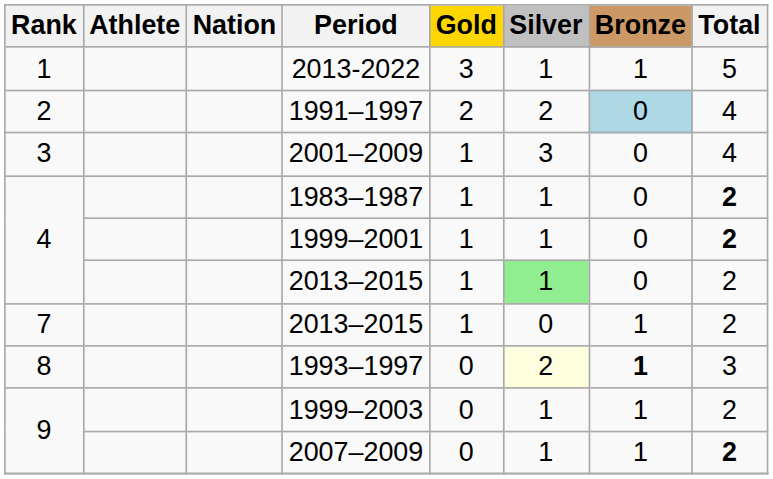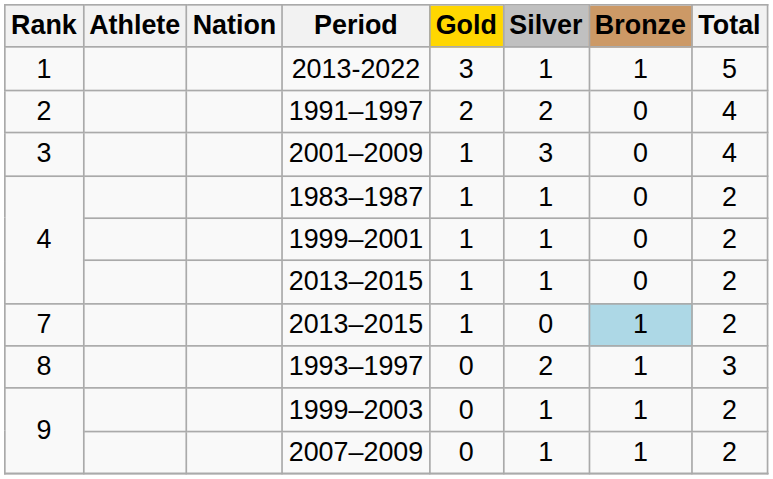 <table class="wikitable sortable" style="text-align:center">
 <tr>
 <th class="unsortable">Rank</th>
 <th>Athlete</th>
 <th>Nation</th>
 <th>Period</th>
 <th style="background-color:gold">Gold</th>
 <th style="background-color:silver">Silver</th>
 <th style="background-color:#cc9966">Bronze</th>
 <th>Total</th>
 </tr>
 <tr>
 <td>1</td>
 <td align=left></td>
 <td align=left></td>
 <td>2013-2022</td>
 <td>3</td>
 <td>1</td>
 <td>1</td>
 <td>5</td>
 </tr>
 <tr>
 <td>2</td>
 <td align=left></td>
 <td align=left></td>
 <td>1991–1997</td>
 <td>2</td>
 <td>2</td>
-<td style="background: lightblue;">0</td>
+<td>0</td>
 <td>4</td>
 </tr>
 <tr>
 <td>3</td>
 <td align=left></td>
 <td align=left></td>
 <td>2001–2009</td>
 <td>1</td>
 <td>3</td>
 <td>0</td>
 <td>4</td>
 </tr>
 <tr>
 <td rowspan=3>4</td>
 <td align=left></td>
 <td align=left></td>
 <td>1983–1987</td>
 <td>1</td>
 <td>1</td>
 <td>0</td>
-<td><strong>2</strong></td>
+<td>2</td>
 </tr>
 <tr>
 <td align=left></td>
 <td align=left></td>
 <td>1999–2001</td>
 <td>1</td>
 <td>1</td>
 <td>0</td>
-<td><strong>2</strong></td>
+<td>2</td>
 </tr>
 <tr>
 <td align=left></td>
 <td align=left></td>
 <td>2013–2015</td>
 <td>1</td>
-<td style="background: lightgreen;">1</td>
+<td>1</td>
 <td>0</td>
 <td>2</td>
 </tr>
 <tr>
 <td>7</td>
 <td align=left></td>
 <td align=left></td>
 <td>2013–2015</td>
 <td>1</td>
 <td>0</td>
-<td>1</td>
+<td style="background: lightblue;">1</td>
 <td>2</td>
 </tr>
 <tr>
 <td>8</td>
 <td align=left></td>
 <td align=left></td>
 <td>1993–1997</td>
 <td>0</td>
-<td style="background: lightyellow;">2</td>
-<td><strong>1</strong></td>
+<td>2</td>
+<td>1</td>
 <td>3</td>
 </tr>
 <tr>
 <td rowspan=2>9</td>
 <td align=left></td>
 <td align=left></td>
 <td>1999–2003</td>
 <td>0</td>
 <td>1</td>
 <td>1</td>
 <td>2</td>
 </tr>
 <tr>
 <td align=left></td>
 <td align=left></td>
 <td>2007–2009</td>
 <td>0</td>
 <td>1</td>
 <td>1</td>
-<td><strong>2</strong></td>
+<td>2</td>
 </tr>
 <tr>
 </tr>
 </table>
